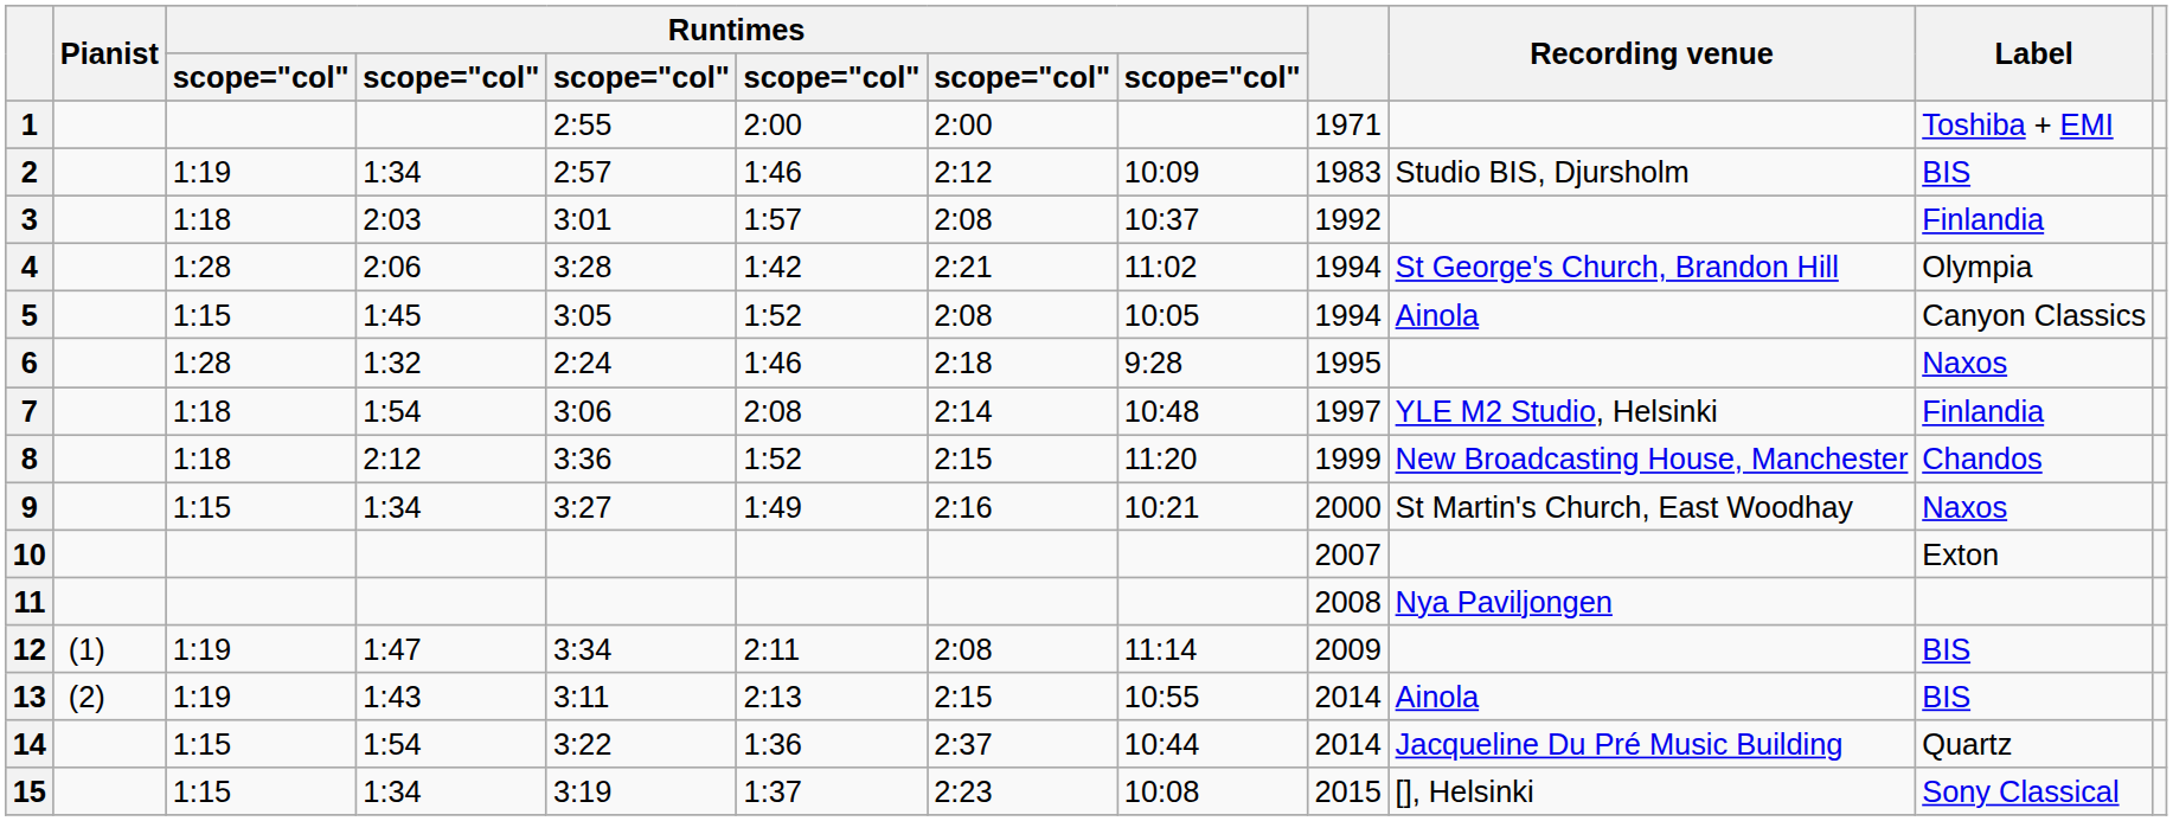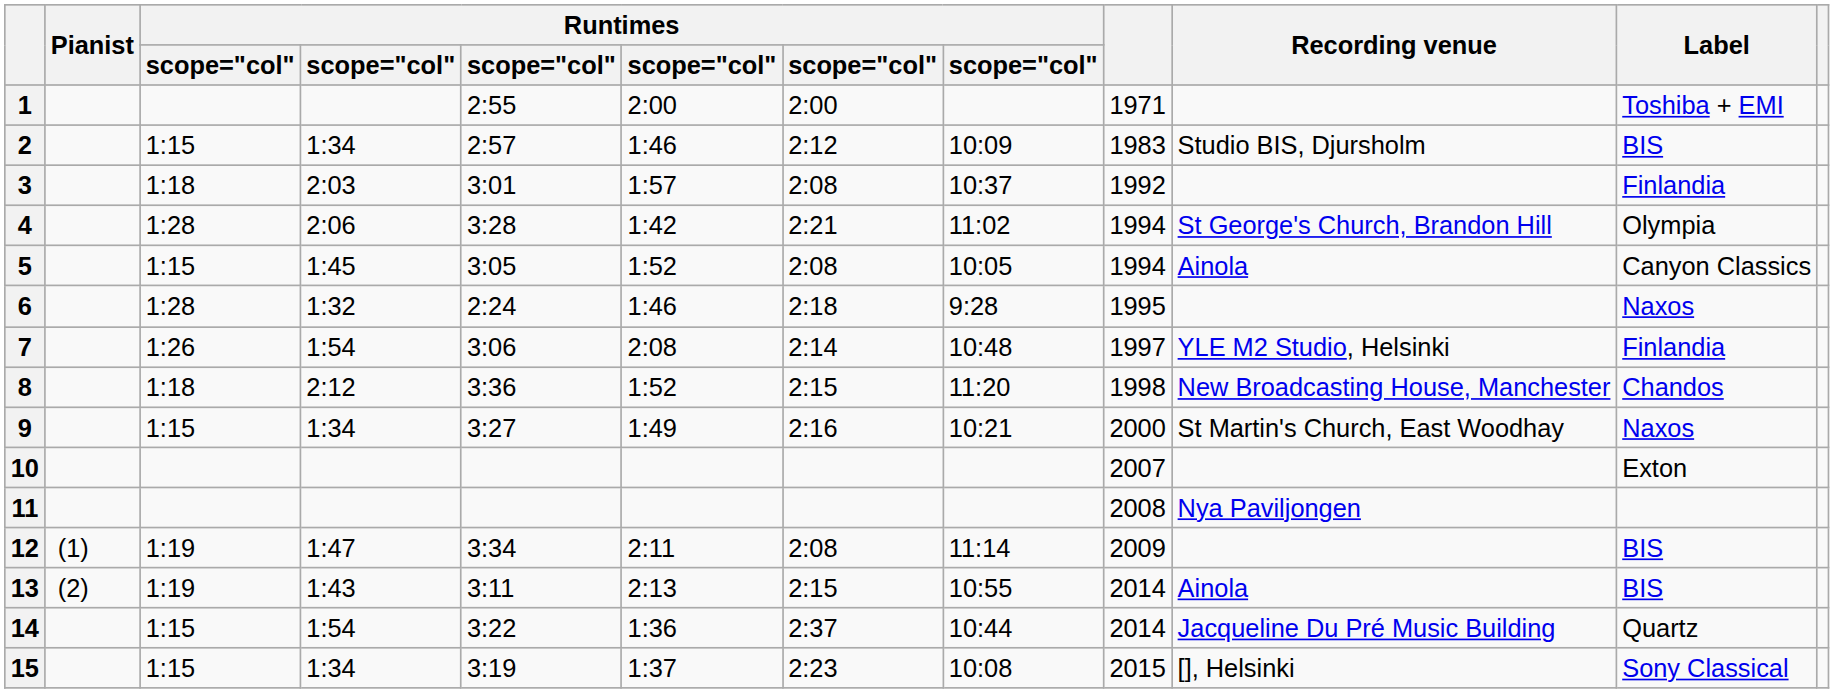 <table class="wikitable sortable" style="margin-right:0; font-size:95%">
 <tr>
 <th rowspan=2 scope="col"></th>
 <th rowspan=2 scope=col>Pianist</th>
 <th colspan=6 scope=col>Runtimes</th>
 <th rowspan=2 scope=col></th>
 <th rowspan=2 scope=col>Recording venue</th>
 <th rowspan=2 scope=col>Label</th>
 <th rowspan=2 scope=col class="unsortable"></th>
 </tr>
 <tr>
 <th>scope="col" </th>
 <th>scope="col" </th>
 <th>scope="col" </th>
 <th>scope="col" </th>
 <th>scope="col" </th>
 <th>scope="col" </th>
 </tr>
 <tr>
 <th scope="row">1</th>
 <td></td>
 <td></td>
 <td></td>
 <td>2:55</td>
 <td>2:00</td>
 <td>2:00</td>
 <td></td>
 <td>1971</td>
 <td></td>
 <td><a href='#'>Toshiba</a> + <a href='#'>EMI</a></td>
 <td></td>
 </tr>
 <tr>
 <th scope="row">2</th>
 <td></td>
-<td>1:19</td>
+<td>1:15</td>
 <td>1:34</td>
 <td>2:57</td>
 <td>1:46</td>
 <td>2:12</td>
 <td>10:09</td>
 <td>1983</td>
 <td>Studio BIS, Djursholm</td>
 <td><a href='#'>BIS</a></td>
 <td></td>
 </tr>
 <tr>
 <th scope="row">3</th>
 <td></td>
 <td>1:18</td>
 <td>2:03</td>
 <td>3:01</td>
 <td>1:57</td>
 <td>2:08</td>
 <td>10:37</td>
 <td>1992</td>
 <td></td>
 <td><a href='#'>Finlandia</a></td>
 <td></td>
 </tr>
 <tr>
 <th scope="row">4</th>
 <td></td>
 <td>1:28</td>
 <td>2:06</td>
 <td>3:28</td>
 <td>1:42</td>
 <td>2:21</td>
 <td>11:02</td>
 <td>1994</td>
 <td><a href='#'>St George's Church, Brandon Hill</a></td>
 <td>Olympia</td>
 <td></td>
 </tr>
 <tr>
 <th scope="row">5</th>
 <td></td>
 <td>1:15</td>
 <td>1:45</td>
 <td>3:05</td>
 <td>1:52</td>
 <td>2:08</td>
 <td>10:05</td>
 <td>1994</td>
 <td><a href='#'>Ainola</a></td>
 <td>Canyon Classics</td>
 <td></td>
 </tr>
 <tr>
 <th scope="row">6</th>
 <td></td>
 <td>1:28</td>
 <td>1:32</td>
 <td>2:24</td>
 <td>1:46</td>
 <td>2:18</td>
 <td>9:28</td>
 <td>1995</td>
 <td></td>
 <td><a href='#'>Naxos</a></td>
 <td></td>
 </tr>
 <tr>
 <th scope="row">7</th>
 <td></td>
-<td>1:18</td>
+<td>1:26</td>
 <td>1:54</td>
 <td>3:06</td>
 <td>2:08</td>
 <td>2:14</td>
 <td>10:48</td>
 <td>1997</td>
 <td><a href='#'>YLE M2 Studio</a>, Helsinki</td>
 <td><a href='#'>Finlandia</a></td>
 <td></td>
 </tr>
 <tr>
 <th scope="row">8</th>
 <td></td>
 <td>1:18</td>
 <td>2:12</td>
 <td>3:36</td>
 <td>1:52</td>
 <td>2:15</td>
 <td>11:20</td>
-<td>1999</td>
+<td>1998</td>
 <td><a href='#'>New Broadcasting House, Manchester</a></td>
 <td><a href='#'>Chandos</a></td>
 <td></td>
 </tr>
 <tr>
 <th scope="row">9</th>
 <td></td>
 <td>1:15</td>
 <td>1:34</td>
 <td>3:27</td>
 <td>1:49</td>
 <td>2:16</td>
 <td>10:21</td>
 <td>2000</td>
 <td>St Martin's Church, East Woodhay</td>
 <td><a href='#'>Naxos</a></td>
 <td></td>
 </tr>
 <tr>
 <th scope="row">10</th>
 <td></td>
 <td></td>
 <td></td>
 <td></td>
 <td></td>
 <td></td>
 <td></td>
 <td>2007</td>
 <td></td>
 <td>Exton</td>
 <td></td>
 </tr>
 <tr>
 <th scope="row">11</th>
 <td></td>
 <td></td>
 <td></td>
 <td></td>
 <td></td>
 <td></td>
 <td></td>
 <td>2008</td>
 <td><a href='#'>Nya Paviljongen</a></td>
 <td></td>
 <td></td>
 </tr>
 <tr>
 <th scope="row">12</th>
 <td> (1)</td>
 <td>1:19</td>
 <td>1:47</td>
 <td>3:34</td>
 <td>2:11</td>
 <td>2:08</td>
 <td>11:14</td>
 <td>2009</td>
 <td></td>
 <td><a href='#'>BIS</a></td>
 <td></td>
 </tr>
 <tr>
 <th scope="row">13</th>
 <td> (2)</td>
 <td>1:19</td>
 <td>1:43</td>
 <td>3:11</td>
 <td>2:13</td>
 <td>2:15</td>
 <td>10:55</td>
 <td>2014</td>
 <td><a href='#'>Ainola</a></td>
 <td><a href='#'>BIS</a></td>
 <td></td>
 </tr>
 <tr>
 <th scope="row">14</th>
 <td></td>
 <td>1:15</td>
 <td>1:54</td>
 <td>3:22</td>
 <td>1:36</td>
 <td>2:37</td>
 <td>10:44</td>
 <td>2014</td>
 <td><a href='#'>Jacqueline Du Pré Music Building</a></td>
 <td>Quartz</td>
 <td></td>
 </tr>
 <tr>
 <th scope="row">15</th>
 <td></td>
 <td>1:15</td>
 <td>1:34</td>
 <td>3:19</td>
 <td>1:37</td>
 <td>2:23</td>
 <td>10:08</td>
 <td>2015</td>
 <td>[], Helsinki</td>
 <td><a href='#'>Sony Classical</a></td>
 <td></td>
 </tr>
 </table>
